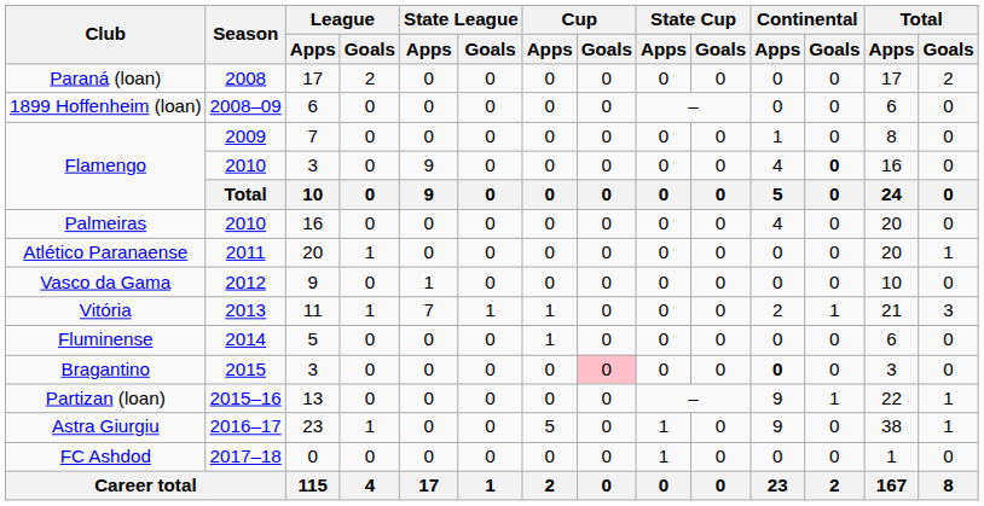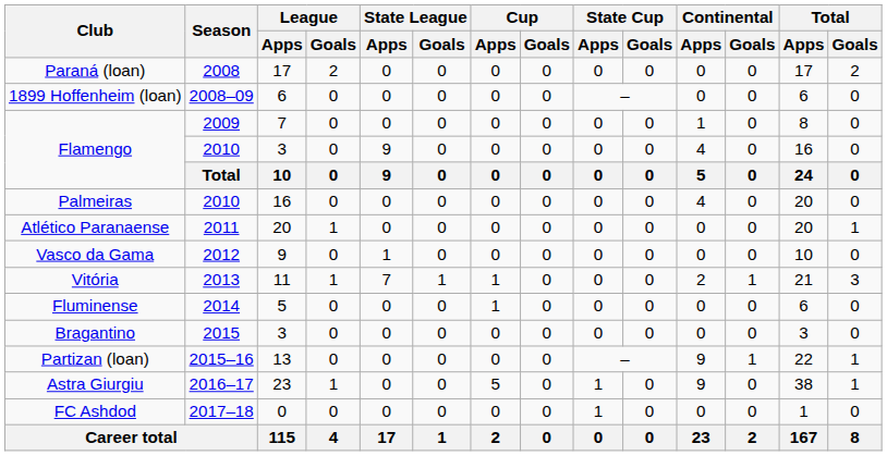 <table class="wikitable" style="text-align:center">
 <tr>
 <th rowspan="2">Club</th>
 <th rowspan="2">Season</th>
 <th colspan="2">League</th>
 <th colspan="2">State League</th>
 <th colspan="2">Cup</th>
 <th colspan="2">State Cup</th>
 <th colspan="2">Continental</th>
 <th colspan="2">Total</th>
 </tr>
 <tr>
 <th>Apps</th>
 <th>Goals</th>
 <th>Apps</th>
 <th>Goals</th>
 <th>Apps</th>
 <th>Goals</th>
 <th>Apps</th>
 <th>Goals</th>
 <th>Apps</th>
 <th>Goals</th>
 <th>Apps</th>
 <th>Goals</th>
 </tr>
 <tr>
 <td><a href='#'>Paraná</a> (loan)</td>
 <td><a href='#'>2008</a></td>
 <td>17</td>
 <td>2</td>
 <td>0</td>
 <td>0</td>
 <td>0</td>
 <td>0</td>
 <td>0</td>
 <td>0</td>
 <td>0</td>
 <td>0</td>
 <td>17</td>
 <td>2</td>
 </tr>
 <tr>
 <td><a href='#'>1899 Hoffenheim</a> (loan)</td>
 <td><a href='#'>2008–09</a></td>
 <td>6</td>
 <td>0</td>
 <td>0</td>
 <td>0</td>
 <td>0</td>
 <td>0</td>
 <td colspan="2">–</td>
 <td>0</td>
 <td>0</td>
 <td>6</td>
 <td>0</td>
 </tr>
 <tr>
 <td rowspan="3"><a href='#'>Flamengo</a></td>
 <td><a href='#'>2009</a></td>
 <td>7</td>
 <td>0</td>
 <td>0</td>
 <td>0</td>
 <td>0</td>
 <td>0</td>
 <td>0</td>
 <td>0</td>
 <td>1</td>
 <td>0</td>
 <td>8</td>
 <td>0</td>
 </tr>
 <tr>
 <td><a href='#'>2010</a></td>
 <td>3</td>
 <td>0</td>
 <td>9</td>
 <td>0</td>
 <td>0</td>
 <td>0</td>
 <td>0</td>
 <td>0</td>
 <td>4</td>
-<td><strong>0</strong></td>
+<td>0</td>
 <td>16</td>
 <td>0</td>
 </tr>
 <tr>
 <th colspan="1">Total</th>
 <th>10</th>
 <th>0</th>
 <th>9</th>
 <th>0</th>
 <th>0</th>
 <th>0</th>
 <th>0</th>
 <th>0</th>
 <th>5</th>
 <th>0</th>
 <th>24</th>
 <th>0</th>
 </tr>
 <tr>
 <td><a href='#'>Palmeiras</a></td>
 <td><a href='#'>2010</a></td>
 <td>16</td>
 <td>0</td>
 <td>0</td>
 <td>0</td>
 <td>0</td>
 <td>0</td>
 <td>0</td>
 <td>0</td>
 <td>4</td>
 <td>0</td>
 <td>20</td>
 <td>0</td>
 </tr>
 <tr>
 <td><a href='#'>Atlético Paranaense</a></td>
 <td><a href='#'>2011</a></td>
 <td>20</td>
 <td>1</td>
 <td>0</td>
 <td>0</td>
 <td>0</td>
 <td>0</td>
 <td>0</td>
 <td>0</td>
 <td>0</td>
 <td>0</td>
 <td>20</td>
 <td>1</td>
 </tr>
 <tr>
 <td><a href='#'>Vasco da Gama</a></td>
 <td><a href='#'>2012</a></td>
 <td>9</td>
 <td>0</td>
 <td>1</td>
 <td>0</td>
 <td>0</td>
 <td>0</td>
 <td>0</td>
 <td>0</td>
 <td>0</td>
 <td>0</td>
 <td>10</td>
 <td>0</td>
 </tr>
 <tr>
 <td><a href='#'>Vitória</a></td>
 <td><a href='#'>2013</a></td>
 <td>11</td>
 <td>1</td>
 <td>7</td>
 <td>1</td>
 <td>1</td>
 <td>0</td>
 <td>0</td>
 <td>0</td>
 <td>2</td>
 <td>1</td>
 <td>21</td>
 <td>3</td>
 </tr>
 <tr>
 <td><a href='#'>Fluminense</a></td>
 <td><a href='#'>2014</a></td>
 <td>5</td>
 <td>0</td>
 <td>0</td>
 <td>0</td>
 <td>1</td>
 <td>0</td>
 <td>0</td>
 <td>0</td>
 <td>0</td>
 <td>0</td>
 <td>6</td>
 <td>0</td>
 </tr>
 <tr>
 <td><a href='#'>Bragantino</a></td>
 <td><a href='#'>2015</a></td>
 <td>3</td>
 <td>0</td>
 <td>0</td>
 <td>0</td>
 <td>0</td>
-<td style="background: pink;">0</td>
 <td>0</td>
 <td>0</td>
-<td><strong>0</strong></td>
+<td>0</td>
+<td>0</td>
 <td>0</td>
 <td>3</td>
 <td>0</td>
 </tr>
 <tr>
 <td><a href='#'>Partizan</a> (loan)</td>
 <td><a href='#'>2015–16</a></td>
 <td>13</td>
 <td>0</td>
 <td>0</td>
 <td>0</td>
 <td>0</td>
 <td>0</td>
 <td colspan="2">–</td>
 <td>9</td>
 <td>1</td>
 <td>22</td>
 <td>1</td>
 </tr>
 <tr>
 <td><a href='#'>Astra Giurgiu</a></td>
 <td><a href='#'>2016–17</a></td>
 <td>23</td>
 <td>1</td>
 <td>0</td>
 <td>0</td>
 <td>5</td>
 <td>0</td>
 <td>1</td>
 <td>0</td>
 <td>9</td>
 <td>0</td>
 <td>38</td>
 <td>1</td>
 </tr>
 <tr>
 <td><a href='#'>FC Ashdod</a></td>
 <td><a href='#'>2017–18</a></td>
 <td>0</td>
 <td>0</td>
 <td>0</td>
 <td>0</td>
 <td>0</td>
 <td>0</td>
 <td>1</td>
 <td>0</td>
 <td>0</td>
 <td>0</td>
 <td>1</td>
 <td>0</td>
 </tr>
 <tr>
 <th colspan="2">Career total</th>
 <th>115</th>
 <th>4</th>
 <th>17</th>
 <th>1</th>
 <th>2</th>
 <th>0</th>
 <th>0</th>
 <th>0</th>
 <th>23</th>
 <th>2</th>
 <th>167</th>
 <th>8</th>
 </tr>
 </table>
